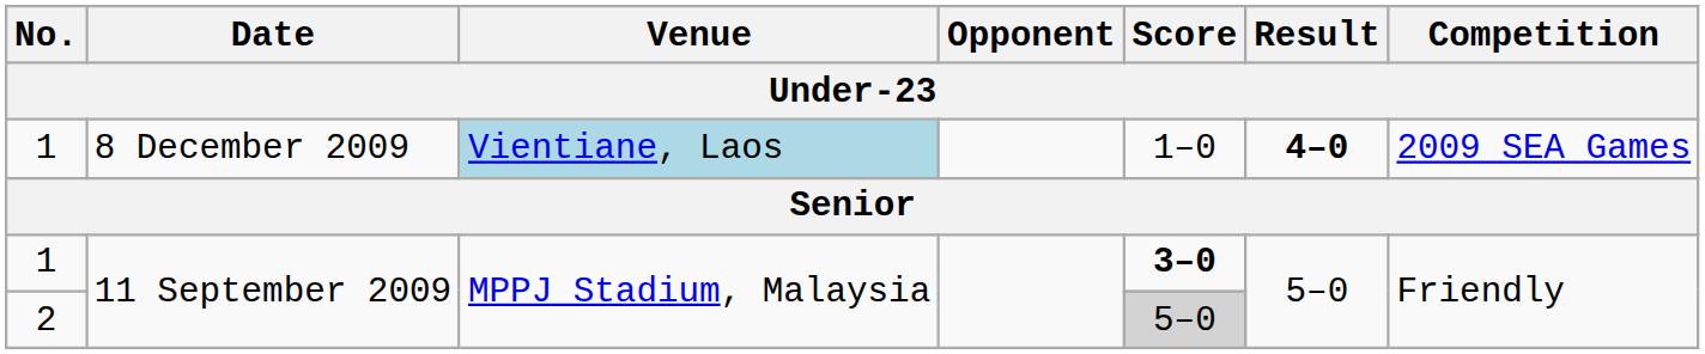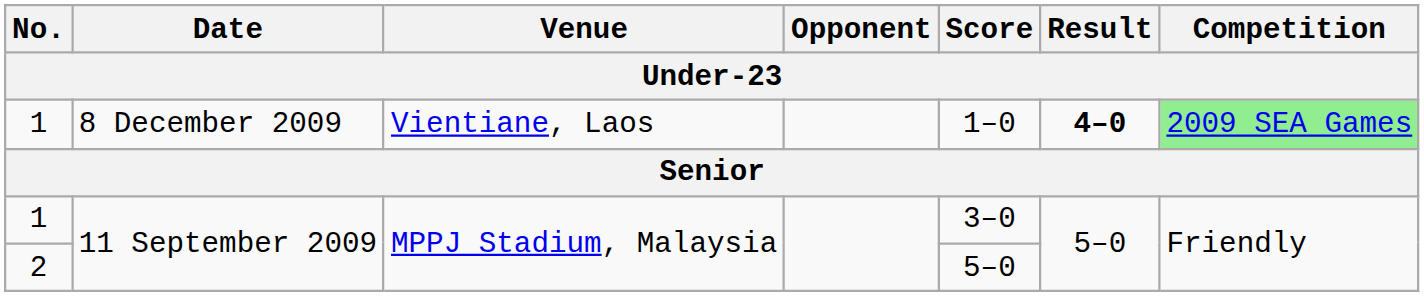 <table class="wikitable sortable">
 <tr>
 <th scope="col">No.</th>
 <th scope="col">Date</th>
 <th scope="col">Venue</th>
 <th scope="col">Opponent</th>
 <th scope="col">Score</th>
 <th scope="col">Result</th>
 <th scope="col">Competition</th>
 </tr>
 <tr>
 <th colspan="7">Under-23</th>
 </tr>
 <tr>
 <td align="center">1</td>
 <td>8 December 2009</td>
-<td style="background: lightblue;"><a href='#'>Vientiane</a>, Laos</td>
+<td><a href='#'>Vientiane</a>, Laos</td>
 <td></td>
 <td align="center">1–0</td>
 <td align="center"><strong>4–0</strong></td>
-<td><a href='#'>2009 SEA Games</a></td>
+<td style="background: lightgreen;"><a href='#'>2009 SEA Games</a></td>
 </tr>
 <tr>
 <th colspan="7">Senior</th>
 </tr>
 <tr>
 <td align="center">1</td>
 <td rowspan="2">11 September 2009</td>
 <td rowspan="2"><a href='#'>MPPJ Stadium</a>, Malaysia</td>
 <td rowspan="2"></td>
-<td align="center"><strong>3–0</strong></td>
+<td align="center">3–0</td>
 <td rowspan="2" style="text-align:center">5–0</td>
 <td rowspan="2">Friendly</td>
 </tr>
 <tr>
 <td align="center">2</td>
-<td align="center" style="background: lightgrey;">5–0</td>
+<td align="center">5–0</td>
 </tr>
 </table>
